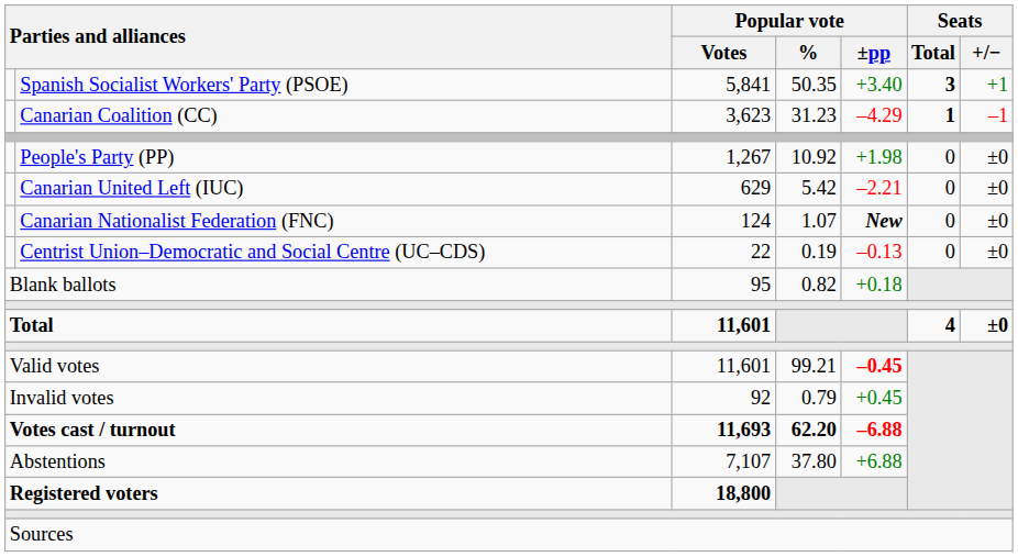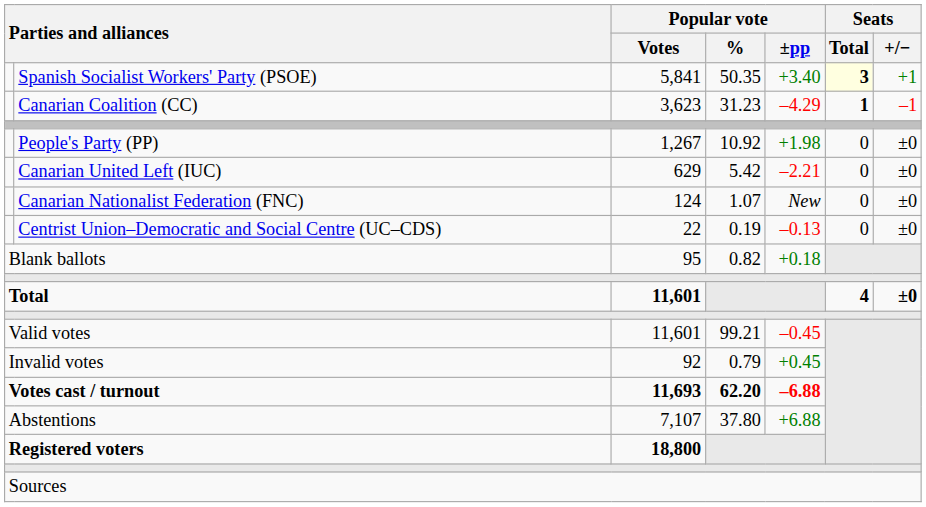 <table class="wikitable" style="text-align:right;">
 <tr>
 <th style="text-align:left;" rowspan="2" colspan="2" width="525">Parties and alliances</th>
 <th colspan="3">Popular vote</th>
 <th colspan="2">Seats</th>
 </tr>
 <tr>
 <th width="75">Votes</th>
 <th width="45">%</th>
 <th width="45">±<a href='#'>pp</a></th>
 <th width="35">Total</th>
 <th width="35">+/−</th>
 </tr>
 <tr>
 <td width="1" style="color:inherit;background:"></td>
 <td align="left"><a href='#'>Spanish Socialist Workers' Party</a> (PSOE)</td>
 <td>5,841</td>
 <td>50.35</td>
 <td style="color:green;">+3.40</td>
-<td><strong>3</strong></td>
+<td style="background: lightyellow;"><strong>3</strong></td>
 <td style="color:green;">+1</td>
 </tr>
 <tr>
 <td style="color:inherit;background:"></td>
 <td align="left"><a href='#'>Canarian Coalition</a> (CC)</td>
 <td>3,623</td>
 <td>31.23</td>
 <td style="color:red;">–4.29</td>
 <td><strong>1</strong></td>
 <td style="color:red;">–1</td>
 </tr>
 <tr>
 <td colspan="7" bgcolor="#C0C0C0"></td>
 </tr>
 <tr>
 <td style="color:inherit;background:"></td>
 <td align="left"><a href='#'>People's Party</a> (PP)</td>
 <td>1,267</td>
 <td>10.92</td>
 <td style="color:green;">+1.98</td>
 <td>0</td>
 <td>±0</td>
 </tr>
 <tr>
 <td style="color:inherit;background:"></td>
 <td align="left"><a href='#'>Canarian United Left</a> (IUC)</td>
 <td>629</td>
 <td>5.42</td>
 <td style="color:red;">–2.21</td>
 <td>0</td>
 <td>±0</td>
 </tr>
 <tr>
 <td style="color:inherit;background:"></td>
 <td align="left"><a href='#'>Canarian Nationalist Federation</a> (FNC)</td>
 <td>124</td>
 <td>1.07</td>
-<td><strong><em>New</em></strong></td>
+<td><em>New</em></td>
 <td>0</td>
 <td>±0</td>
 </tr>
 <tr>
 <td style="color:inherit;background:"></td>
 <td align="left"><a href='#'>Centrist Union–Democratic and Social Centre</a> (UC–CDS)</td>
 <td>22</td>
 <td>0.19</td>
 <td style="color:red;">–0.13</td>
 <td>0</td>
 <td>±0</td>
 </tr>
 <tr>
 <td align="left" colspan="2">Blank ballots</td>
 <td>95</td>
 <td>0.82</td>
 <td style="color:green;">+0.18</td>
 <td bgcolor="#E9E9E9" colspan="2"></td>
 </tr>
 <tr>
 <td colspan="7" bgcolor="#E9E9E9"></td>
 </tr>
 <tr style="font-weight:bold;">
 <td align="left" colspan="2">Total</td>
 <td>11,601</td>
 <td bgcolor="#E9E9E9" colspan="2"></td>
 <td>4</td>
 <td>±0</td>
 </tr>
 <tr>
 <td colspan="7" bgcolor="#E9E9E9"></td>
 </tr>
 <tr>
 <td align="left" colspan="2">Valid votes</td>
 <td>11,601</td>
 <td>99.21</td>
-<td style="color:red;"><strong>–0.45</strong></td>
+<td style="color:red;">–0.45</td>
 <td bgcolor="#E9E9E9" colspan="2" rowspan="5"></td>
 </tr>
 <tr>
 <td align="left" colspan="2">Invalid votes</td>
 <td>92</td>
 <td>0.79</td>
 <td style="color:green;">+0.45</td>
 </tr>
 <tr style="font-weight:bold;">
 <td align="left" colspan="2">Votes cast / turnout</td>
 <td>11,693</td>
 <td>62.20</td>
 <td style="color:red;">–6.88</td>
 </tr>
 <tr>
 <td align="left" colspan="2">Abstentions</td>
 <td>7,107</td>
 <td>37.80</td>
 <td style="color:green;">+6.88</td>
 </tr>
 <tr style="font-weight:bold;">
 <td align="left" colspan="2">Registered voters</td>
 <td>18,800</td>
 <td bgcolor="#E9E9E9" colspan="2"></td>
 </tr>
 <tr>
 <td colspan="7" bgcolor="#E9E9E9"></td>
 </tr>
 <tr>
 <td align="left" colspan="7">Sources</td>
 </tr>
 </table>
